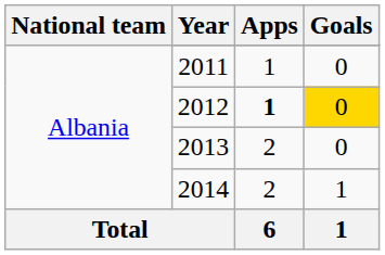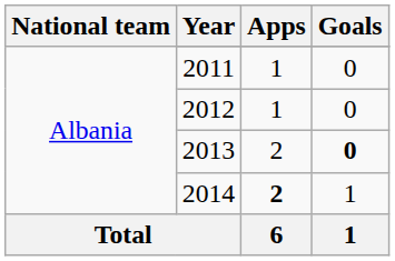 <table class="wikitable" style="text-align:center">
 <tr>
 <th>National team</th>
 <th>Year</th>
 <th>Apps</th>
 <th>Goals</th>
 </tr>
 <tr>
 <td rowspan="5"><a href='#'>Albania</a></td>
 </tr>
 <tr>
 <td>2011</td>
 <td>1</td>
 <td>0</td>
 </tr>
 <tr>
 <td>2012</td>
-<td><strong>1</strong></td>
-<td style="background: gold;">0</td>
+<td>1</td>
+<td>0</td>
 </tr>
 <tr>
 <td>2013</td>
 <td>2</td>
-<td>0</td>
+<td><strong>0</strong></td>
 </tr>
 <tr>
 <td>2014</td>
-<td>2</td>
+<td><strong>2</strong></td>
 <td>1</td>
 </tr>
 <tr>
 <th colspan=2>Total</th>
 <th>6</th>
 <th>1</th>
 </tr>
 </table>
